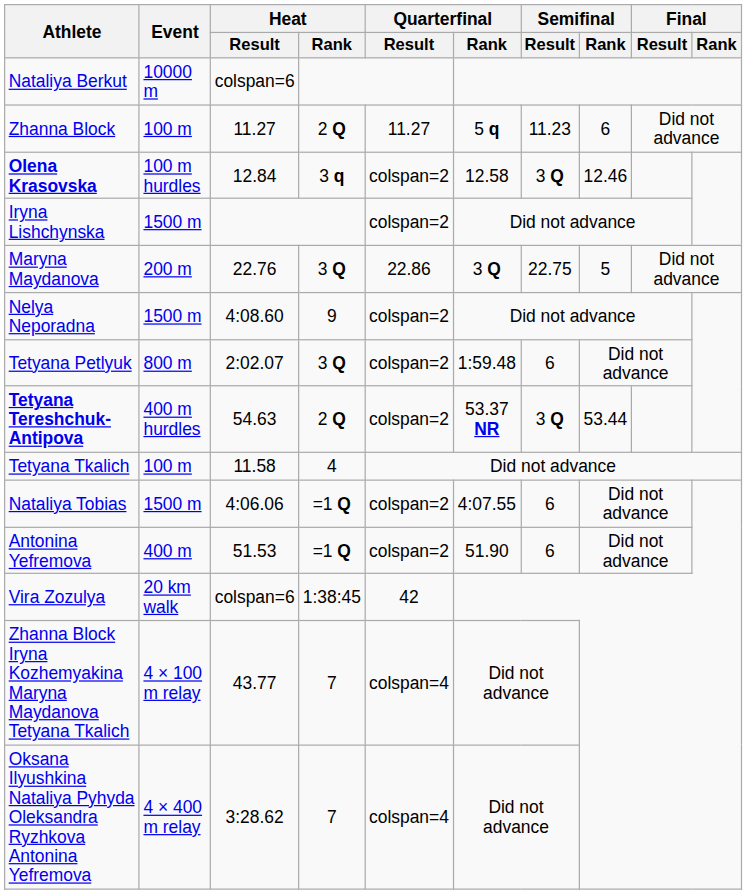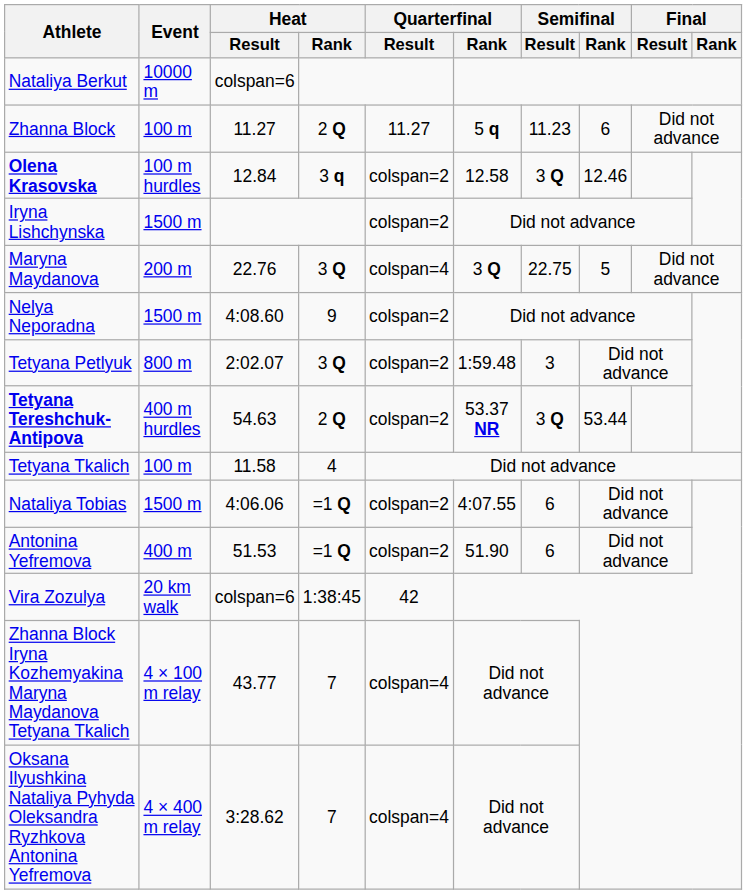 <table class=wikitable style="font-size:90%">
 <tr>
 <th rowspan="2">Athlete</th>
 <th rowspan="2">Event</th>
 <th colspan="2">Heat</th>
 <th colspan="2">Quarterfinal</th>
 <th colspan="2">Semifinal</th>
 <th colspan="2">Final</th>
 </tr>
 <tr style="font-size:95%">
 <th>Result</th>
 <th>Rank</th>
 <th>Result</th>
 <th>Rank</th>
 <th>Result</th>
 <th>Rank</th>
 <th>Result</th>
 <th>Rank</th>
 </tr>
 <tr align=center>
 <td align=left><a href='#'>Nataliya Berkut</a></td>
 <td align=left><a href='#'>10000 m</a></td>
 <td>colspan=6 </td>
 <td colspan=2></td>
 </tr>
 <tr align=center>
 <td align=left><a href='#'>Zhanna Block</a></td>
 <td align=left><a href='#'>100 m</a></td>
 <td>11.27</td>
 <td>2 <strong>Q</strong></td>
 <td>11.27</td>
 <td>5 <strong>q</strong></td>
 <td>11.23</td>
 <td>6</td>
 <td colspan=2>Did not advance</td>
 </tr>
 <tr align=center>
 <td align=left><strong><a href='#'>Olena Krasovska</a></strong></td>
 <td align=left><a href='#'>100 m hurdles</a></td>
 <td>12.84</td>
 <td>3 <strong>q</strong></td>
 <td>colspan=2 </td>
 <td>12.58</td>
 <td>3 <strong>Q</strong></td>
 <td>12.46</td>
 <td></td>
 </tr>
 <tr align=center>
 <td align=left><a href='#'>Iryna Lishchynska</a></td>
 <td align=left><a href='#'>1500 m</a></td>
 <td colspan=2></td>
 <td>colspan=2 </td>
 <td colspan=4>Did not advance</td>
 </tr>
 <tr align=center>
 <td align=left><a href='#'>Maryna Maydanova</a></td>
 <td align=left><a href='#'>200 m</a></td>
 <td>22.76</td>
 <td>3 <strong>Q</strong></td>
-<td>22.86</td>
+<td>colspan=4 </td>
 <td>3 <strong>Q</strong></td>
 <td>22.75</td>
 <td>5</td>
 <td colspan=2>Did not advance</td>
 </tr>
 <tr align=center>
 <td align=left><a href='#'>Nelya Neporadna</a></td>
 <td align=left><a href='#'>1500 m</a></td>
 <td>4:08.60</td>
 <td>9</td>
 <td>colspan=2 </td>
 <td colspan=4>Did not advance</td>
 </tr>
 <tr align=center>
 <td align=left><a href='#'>Tetyana Petlyuk</a></td>
 <td align=left><a href='#'>800 m</a></td>
 <td>2:02.07</td>
 <td>3 <strong>Q</strong></td>
 <td>colspan=2 </td>
 <td>1:59.48</td>
-<td>6</td>
+<td>3</td>
 <td colspan=2>Did not advance</td>
 </tr>
 <tr align=center>
 <td align=left><strong><a href='#'>Tetyana Tereshchuk-Antipova</a></strong></td>
 <td align=left><a href='#'>400 m hurdles</a></td>
 <td>54.63</td>
 <td>2 <strong>Q</strong></td>
 <td>colspan=2 </td>
 <td>53.37 <strong><a href='#'>NR</a></strong></td>
 <td>3 <strong>Q</strong></td>
 <td>53.44</td>
 <td></td>
 </tr>
 <tr align=center>
 <td align=left><a href='#'>Tetyana Tkalich</a></td>
 <td align=left><a href='#'>100 m</a></td>
 <td>11.58</td>
 <td>4</td>
 <td colspan=6>Did not advance</td>
 </tr>
 <tr align=center>
 <td align=left><a href='#'>Nataliya Tobias</a></td>
 <td align=left><a href='#'>1500 m</a></td>
 <td>4:06.06</td>
 <td>=1 <strong>Q</strong></td>
 <td>colspan=2 </td>
 <td>4:07.55</td>
 <td>6</td>
 <td colspan=2>Did not advance</td>
 </tr>
 <tr align=center>
 <td align=left><a href='#'>Antonina Yefremova</a></td>
 <td align=left><a href='#'>400 m</a></td>
 <td>51.53</td>
 <td>=1 <strong>Q</strong></td>
 <td>colspan=2 </td>
 <td>51.90</td>
 <td>6</td>
 <td colspan=2>Did not advance</td>
 </tr>
 <tr align=center>
 <td align=left><a href='#'>Vira Zozulya</a></td>
 <td align=left><a href='#'>20 km walk</a></td>
 <td>colspan=6 </td>
 <td>1:38:45</td>
 <td>42</td>
 </tr>
 <tr align=center>
 <td align=left><a href='#'>Zhanna Block</a><br><a href='#'>Iryna Kozhemyakina</a><br><a href='#'>Maryna Maydanova</a><br><a href='#'>Tetyana Tkalich</a></td>
 <td align=left><a href='#'>4 × 100 m relay</a></td>
 <td>43.77</td>
 <td>7</td>
 <td>colspan=4 </td>
 <td colspan=2>Did not advance</td>
 </tr>
 <tr align=center>
 <td align=left><a href='#'>Oksana Ilyushkina</a><br><a href='#'>Nataliya Pyhyda</a><br><a href='#'>Oleksandra Ryzhkova</a><br><a href='#'>Antonina Yefremova</a></td>
 <td align=left><a href='#'>4 × 400 m relay</a></td>
 <td>3:28.62</td>
 <td>7</td>
 <td>colspan=4 </td>
 <td colspan=2>Did not advance</td>
 </tr>
 </table>
